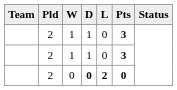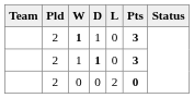 <table style=border-collapse:collapse border=1 cellspacing=0 cellpadding=5>
 <tr align=center bgcolor=#efefef>
 <th>Team</th>
 <th>Pld</th>
 <th>W</th>
 <th>D</th>
 <th>L</th>
 <th>Pts</th>
 <th>Status</th>
 </tr>
 <tr align=center style="background:#FFFFFF;">
 <td style="text-align:left;"> </td>
 <td>2</td>
-<td>1</td>
+<td><strong>1</strong></td>
 <td>1</td>
 <td>0</td>
 <td><strong>3</strong></td>
 <td rowspan=3></td>
 </tr>
 <tr align=center style="background:#FFFFFF;">
 <td style="text-align:left;"> </td>
 <td>2</td>
 <td>1</td>
-<td>1</td>
+<td><strong>1</strong></td>
 <td>0</td>
 <td><strong>3</strong></td>
 </tr>
 <tr align=center style="background:#FFFFFF;">
 <td style="text-align:left;"> </td>
 <td>2</td>
 <td>0</td>
-<td><strong>0</strong></td>
-<td><strong>2</strong></td>
+<td>0</td>
+<td>2</td>
 <td><strong>0</strong></td>
 </tr>
 </table>
